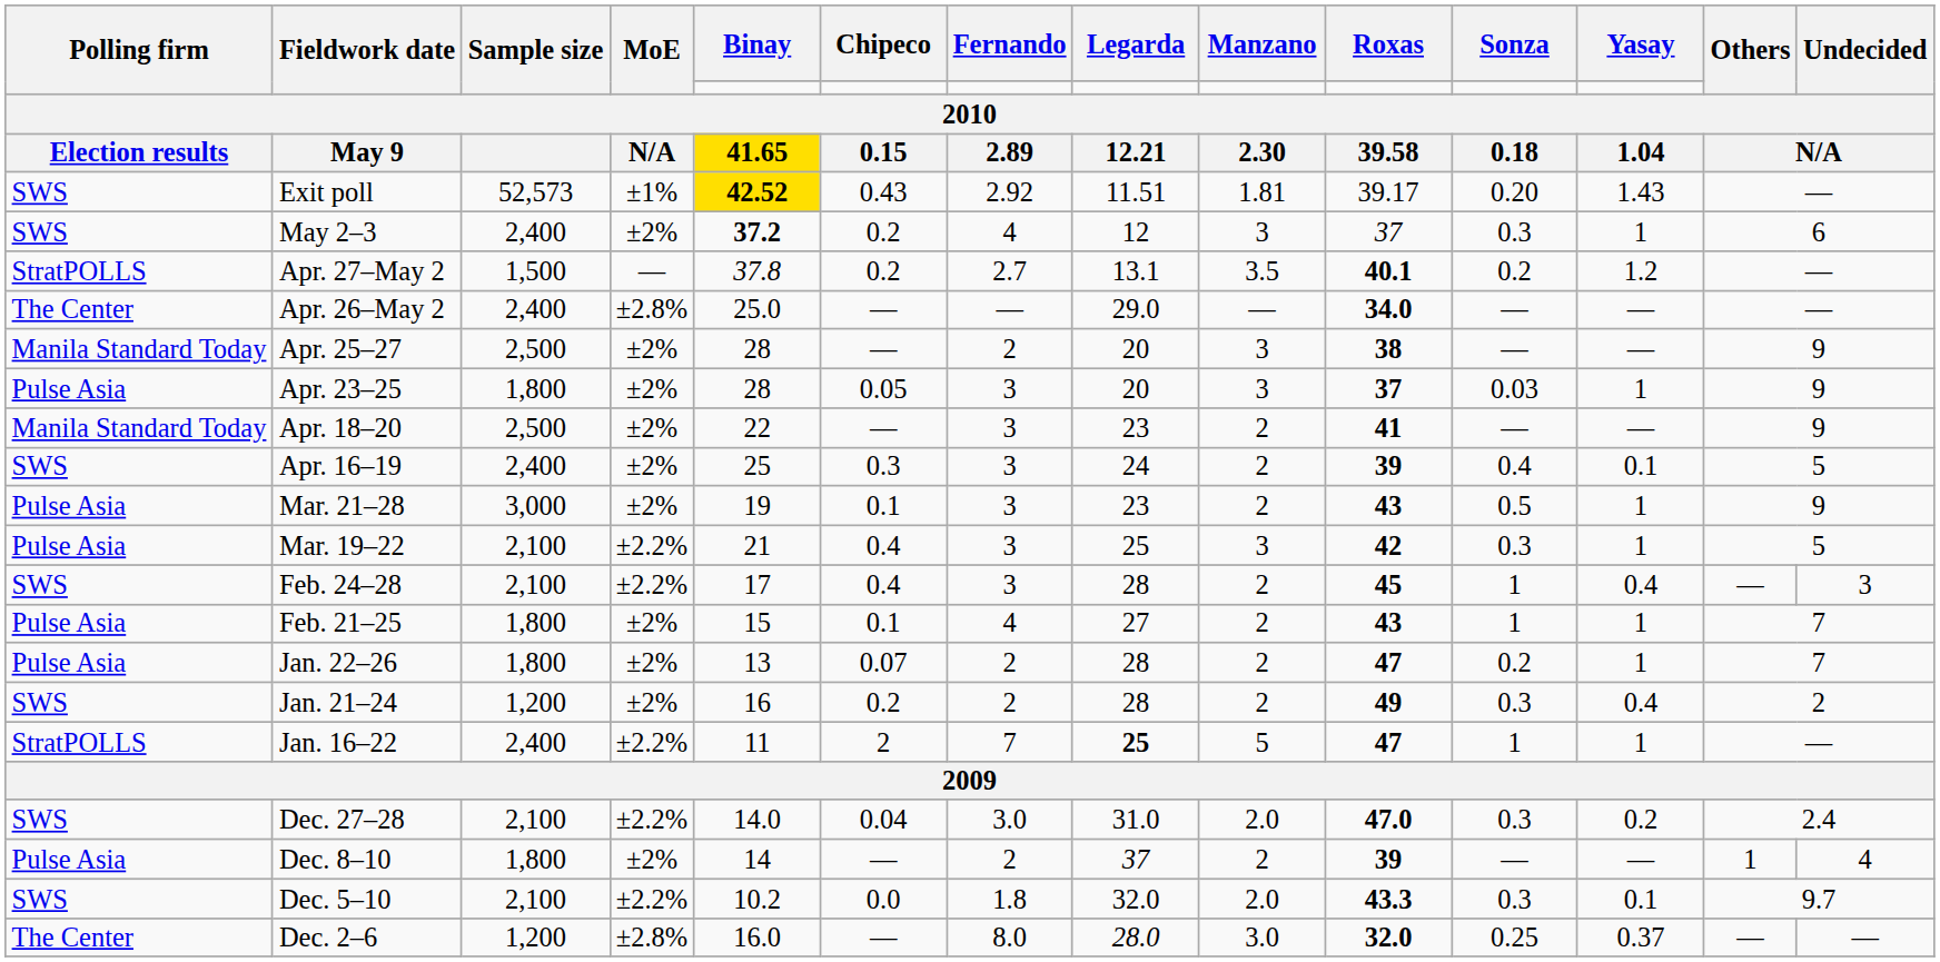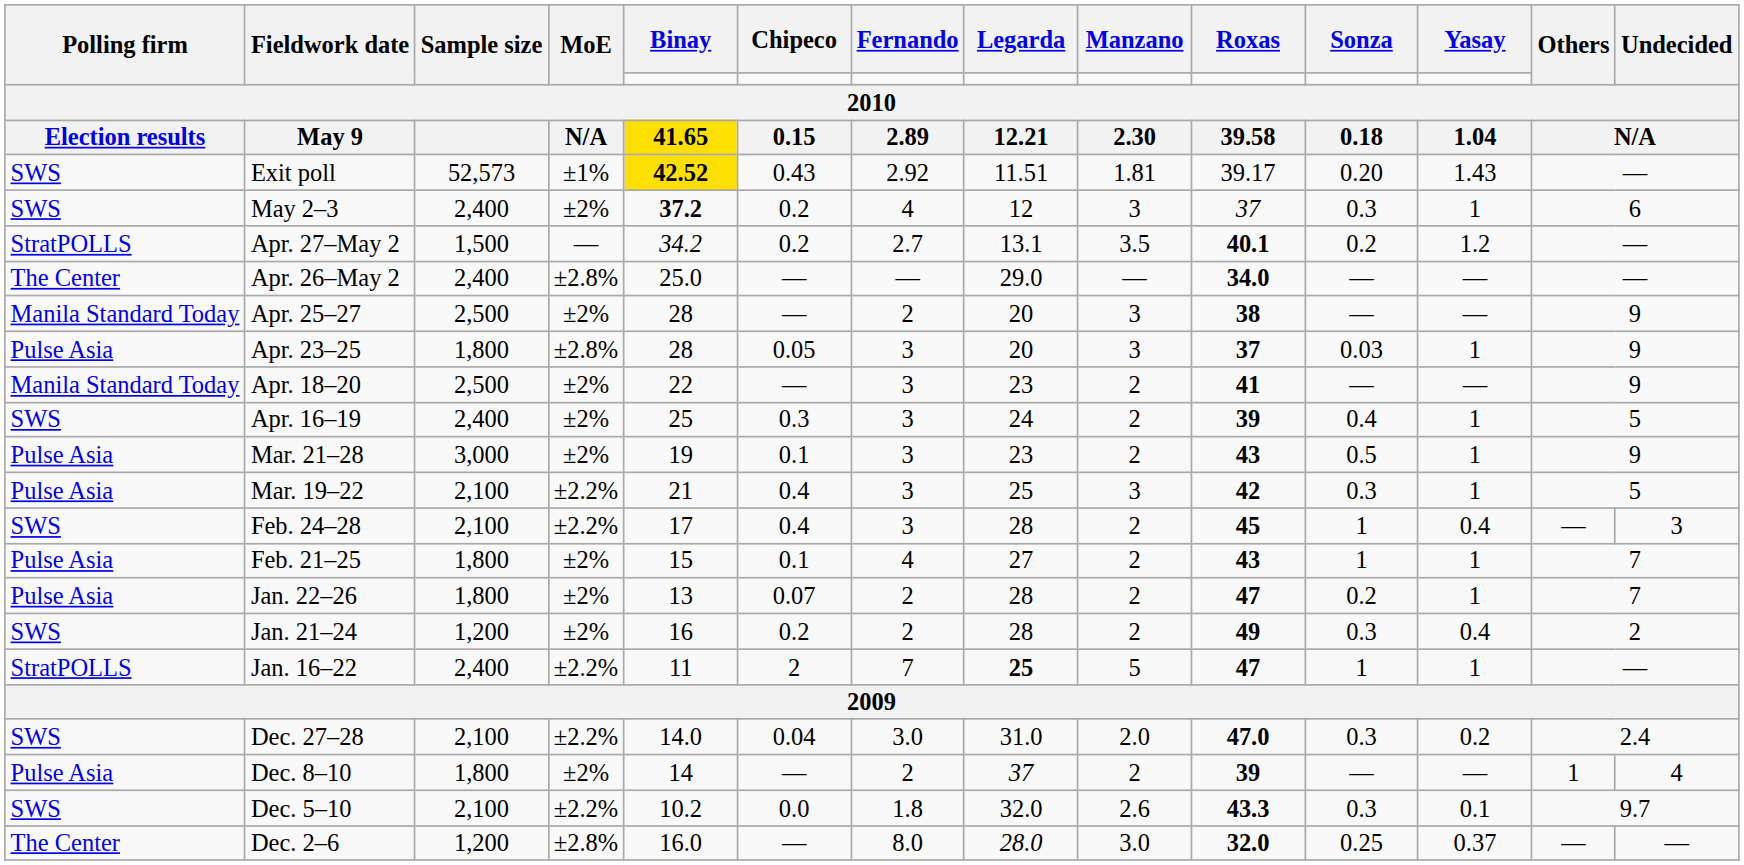 <table class="wikitable" style="text-align:center;font-size:90%;line-height:14px;">
 <tr style="height:40px;">
 <th rowspan="2">Polling firm</th>
 <th rowspan="2">Fieldwork date</th>
 <th rowspan="2">Sample size</th>
 <th rowspan="2"><abbr>MoE</abbr></th>
 <th style="width:60px;"><a href='#'>Binay</a><br></th>
 <th style="width:60px;">Chipeco<br></th>
 <th style="width:60px;"><a href='#'>Fernando</a><br></th>
 <th style="width:60px;"><a href='#'>Legarda</a><br></th>
 <th style="width:60px;"><a href='#'>Manzano</a><br></th>
 <th style="width:60px;"><a href='#'>Roxas</a><br></th>
 <th style="width:60px;"><a href='#'>Sonza</a><br></th>
 <th style="width:60px;"><a href='#'>Yasay</a><br></th>
 <th rowspan="2">Others</th>
 <th rowspan="2">Undecided</th>
 </tr>
 <tr>
 <td></td>
 <td></td>
 <td></td>
 <td></td>
 <td></td>
 <td></td>
 <td></td>
 <td></td>
 </tr>
 <tr>
 <th colspan=14>2010</th>
 </tr>
 <tr>
 <th><a href='#'>Election results</a></th>
 <th>May 9</th>
 <th></th>
 <th>N/A</th>
 <th style="background-color:#ffdf00;">41.65</th>
 <th>0.15</th>
 <th>2.89</th>
 <th>12.21</th>
 <th>2.30</th>
 <th>39.58</th>
 <th>0.18</th>
 <th>1.04</th>
 <th colspan="2">N/A</th>
 </tr>
 <tr>
 <td align=left><a href='#'>SWS</a></td>
 <td align=left>Exit poll</td>
 <td>52,573</td>
 <td>±1%</td>
 <td style="background-color:#ffdf00;"><strong>42.52</strong></td>
 <td>0.43</td>
 <td>2.92</td>
 <td>11.51</td>
 <td>1.81</td>
 <td>39.17</td>
 <td>0.20</td>
 <td>1.43</td>
 <td colspan=2>—</td>
 </tr>
 <tr>
 <td align=left><a href='#'>SWS</a></td>
 <td align=left>May 2–3</td>
 <td>2,400</td>
 <td>±2%</td>
 <td style="background-color:#"><strong>37.2</strong></td>
 <td>0.2</td>
 <td>4</td>
 <td>12</td>
 <td>3</td>
 <td style="background-color:#"><em>37</em></td>
 <td>0.3</td>
 <td>1</td>
 <td colspan=2>6</td>
 </tr>
 <tr>
 <td align=left><a href='#'>StratPOLLS</a></td>
 <td align=left>Apr. 27–May 2</td>
 <td>1,500</td>
 <td>—</td>
-<td style="background-color:#"><em>37.8</em></td>
+<td style="background-color:#"><em>34.2</em></td>
 <td>0.2</td>
 <td>2.7</td>
 <td>13.1</td>
 <td>3.5</td>
 <td style="background-color:#"><strong>40.1</strong></td>
 <td>0.2</td>
 <td>1.2</td>
 <td colspan=2>—</td>
 </tr>
 <tr>
 <td align=left><a href='#'>The Center</a></td>
 <td align=left>Apr. 26–May 2</td>
 <td>2,400</td>
 <td>±2.8%</td>
 <td>25.0</td>
 <td>—</td>
 <td>—</td>
 <td>29.0</td>
 <td>—</td>
 <td style="background-color:#"><strong>34.0</strong></td>
 <td>—</td>
 <td>—</td>
 <td colspan=2>—</td>
 </tr>
 <tr>
 <td align=left><a href='#'>Manila Standard Today</a></td>
 <td align=left>Apr. 25–27</td>
 <td>2,500</td>
 <td>±2%</td>
 <td>28</td>
 <td>—</td>
 <td>2</td>
 <td>20</td>
 <td>3</td>
 <td style="background-color:#"><strong>38</strong></td>
 <td>—</td>
 <td>—</td>
 <td colspan=2>9</td>
 </tr>
 <tr>
 <td align=left><a href='#'>Pulse Asia</a></td>
 <td align=left>Apr. 23–25</td>
 <td>1,800</td>
-<td>±2%</td>
+<td>±2.8%</td>
 <td>28</td>
 <td>0.05</td>
 <td>3</td>
 <td>20</td>
 <td>3</td>
 <td style="background-color:#"><strong>37</strong></td>
 <td>0.03</td>
 <td>1</td>
 <td colspan=2>9</td>
 </tr>
 <tr>
 <td align=left><a href='#'>Manila Standard Today</a></td>
 <td align=left>Apr. 18–20</td>
 <td>2,500</td>
 <td>±2%</td>
 <td>22</td>
 <td>—</td>
 <td>3</td>
 <td>23</td>
 <td>2</td>
 <td style="background-color:#"><strong>41</strong></td>
 <td>—</td>
 <td>—</td>
 <td colspan=2>9</td>
 </tr>
 <tr>
 <td align=left><a href='#'>SWS</a></td>
 <td align=left>Apr. 16–19</td>
 <td>2,400</td>
 <td>±2%</td>
 <td>25</td>
 <td>0.3</td>
 <td>3</td>
 <td>24</td>
 <td>2</td>
 <td style="background-color:#"><strong>39</strong></td>
 <td>0.4</td>
-<td>0.1</td>
+<td>1</td>
 <td colspan=2>5</td>
 </tr>
 <tr>
 <td align=left><a href='#'>Pulse Asia</a></td>
 <td align=left>Mar. 21–28</td>
 <td>3,000</td>
 <td>±2%</td>
 <td>19</td>
 <td>0.1</td>
 <td>3</td>
 <td>23</td>
 <td>2</td>
 <td style="background-color:#"><strong>43</strong></td>
 <td>0.5</td>
 <td>1</td>
 <td colspan=2>9</td>
 </tr>
 <tr>
 <td align=left><a href='#'>Pulse Asia</a></td>
 <td align=left>Mar. 19–22</td>
 <td>2,100</td>
 <td>±2.2%</td>
 <td>21</td>
 <td>0.4</td>
 <td>3</td>
 <td>25</td>
 <td>3</td>
 <td style="background-color:#"><strong>42</strong></td>
 <td>0.3</td>
 <td>1</td>
 <td colspan=2>5</td>
 </tr>
 <tr>
 <td align=left><a href='#'>SWS</a></td>
 <td align=left>Feb. 24–28</td>
 <td>2,100</td>
 <td>±2.2%</td>
 <td>17</td>
 <td>0.4</td>
 <td>3</td>
 <td>28</td>
 <td>2</td>
 <td style="background-color:#"><strong>45</strong></td>
 <td>1</td>
 <td>0.4</td>
 <td>—</td>
 <td colspan=2>3</td>
 </tr>
 <tr>
 <td align=left><a href='#'>Pulse Asia</a></td>
 <td align=left>Feb. 21–25</td>
 <td>1,800</td>
 <td>±2%</td>
 <td>15</td>
 <td>0.1</td>
 <td>4</td>
 <td>27</td>
 <td>2</td>
 <td style="background-color:#"><strong>43</strong></td>
 <td>1</td>
 <td>1</td>
 <td colspan=2>7</td>
 </tr>
 <tr>
 <td align=left><a href='#'>Pulse Asia</a></td>
 <td align=left>Jan. 22–26</td>
 <td>1,800</td>
 <td>±2%</td>
 <td>13</td>
 <td>0.07</td>
 <td>2</td>
 <td>28</td>
 <td>2</td>
 <td style="background-color:#"><strong>47</strong></td>
 <td>0.2</td>
 <td>1</td>
 <td colspan=2>7</td>
 </tr>
 <tr>
 <td align=left><a href='#'>SWS</a></td>
 <td align=left>Jan. 21–24</td>
 <td>1,200</td>
 <td>±2%</td>
 <td>16</td>
 <td>0.2</td>
 <td>2</td>
 <td>28</td>
 <td>2</td>
 <td style="background-color:#"><strong>49</strong></td>
 <td>0.3</td>
 <td>0.4</td>
 <td colspan=2>2</td>
 </tr>
 <tr>
 <td align=left><a href='#'>StratPOLLS</a></td>
 <td align=left>Jan. 16–22</td>
 <td>2,400</td>
 <td>±2.2%</td>
 <td>11</td>
 <td>2</td>
 <td>7</td>
 <td><strong>25</strong></td>
 <td>5</td>
 <td style="background-color:#"><strong>47</strong></td>
 <td>1</td>
 <td>1</td>
 <td colspan=2>—</td>
 </tr>
 <tr>
 <th colspan=14>2009</th>
 </tr>
 <tr>
 <td align=left><a href='#'>SWS</a></td>
 <td align=left>Dec. 27–28</td>
 <td>2,100</td>
 <td>±2.2%</td>
 <td>14.0</td>
 <td>0.04</td>
 <td>3.0</td>
 <td>31.0</td>
 <td>2.0</td>
 <td style="background-color:#"><strong>47.0</strong></td>
 <td>0.3</td>
 <td>0.2</td>
 <td colspan=2>2.4</td>
 </tr>
 <tr>
 <td align=left><a href='#'>Pulse Asia</a></td>
 <td align=left>Dec. 8–10</td>
 <td>1,800</td>
 <td>±2%</td>
 <td>14</td>
 <td>—</td>
 <td>2</td>
 <td style="background-color:#"><em>37</em></td>
 <td>2</td>
 <td style="background-color:#"><strong>39</strong></td>
 <td>—</td>
 <td>—</td>
 <td>1</td>
 <td>4</td>
 </tr>
 <tr>
 <td align=left><a href='#'>SWS</a></td>
 <td align=left>Dec. 5–10</td>
 <td>2,100</td>
 <td>±2.2%</td>
 <td>10.2</td>
 <td>0.0</td>
 <td>1.8</td>
 <td>32.0</td>
-<td>2.0</td>
+<td>2.6</td>
 <td style="background-color:#"><strong>43.3</strong></td>
 <td>0.3</td>
 <td>0.1</td>
 <td colspan=2>9.7</td>
 </tr>
 <tr>
 <td align=left><a href='#'>The Center</a></td>
 <td align=left>Dec. 2–6</td>
 <td>1,200</td>
 <td>±2.8%</td>
 <td>16.0</td>
 <td>—</td>
 <td>8.0</td>
 <td style="background-color:#"><em>28.0</em></td>
 <td>3.0</td>
 <td style="background-color:#"><strong>32.0</strong></td>
 <td>0.25</td>
 <td>0.37</td>
 <td>—</td>
 <td>—</td>
 </tr>
 </table>
